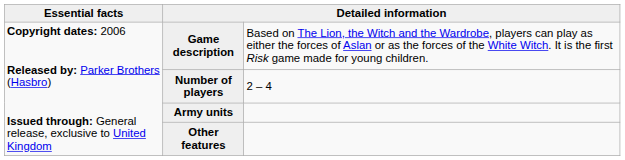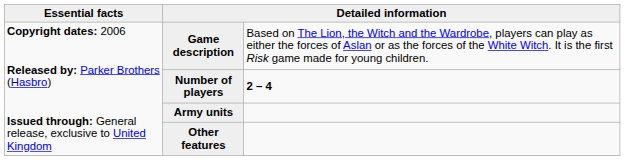 <table class="wikitable">
 <tr>
 <th style="background:#efefef;">Essential facts</th>
 <th style="background:#efefef;" colspan=2>Detailed information</th>
 </tr>
 <tr>
 <td rowspan=4><strong>Copyright dates:</strong> 2006<br><br><br> <strong>Released by:</strong> <a href='#'>Parker Brothers</a> (<a href='#'>Hasbro</a>) <br><br><br> <strong>Issued through:</strong> General release, exclusive to <a href='#'>United Kingdom</a></td>
 <th style="background:#efefef;">Game description</th>
 <td>Based on <a href='#'>The Lion, the Witch and the Wardrobe</a>, players can play as either the forces of <a href='#'>Aslan</a> or as the forces of the <a href='#'>White Witch</a>. It is the first <em>Risk</em> game made for young children.</td>
 </tr>
 <tr>
 <th style="background:#efefef;">Number of players</th>
-<td>2 – 4</td>
+<td><strong>2 – 4</strong></td>
 </tr>
 <tr>
 <th style="background:#efefef;">Army units</th>
 <td></td>
 </tr>
 <tr>
 <th style="background:#efefef;">Other features</th>
 <td></td>
 </tr>
 </table>
